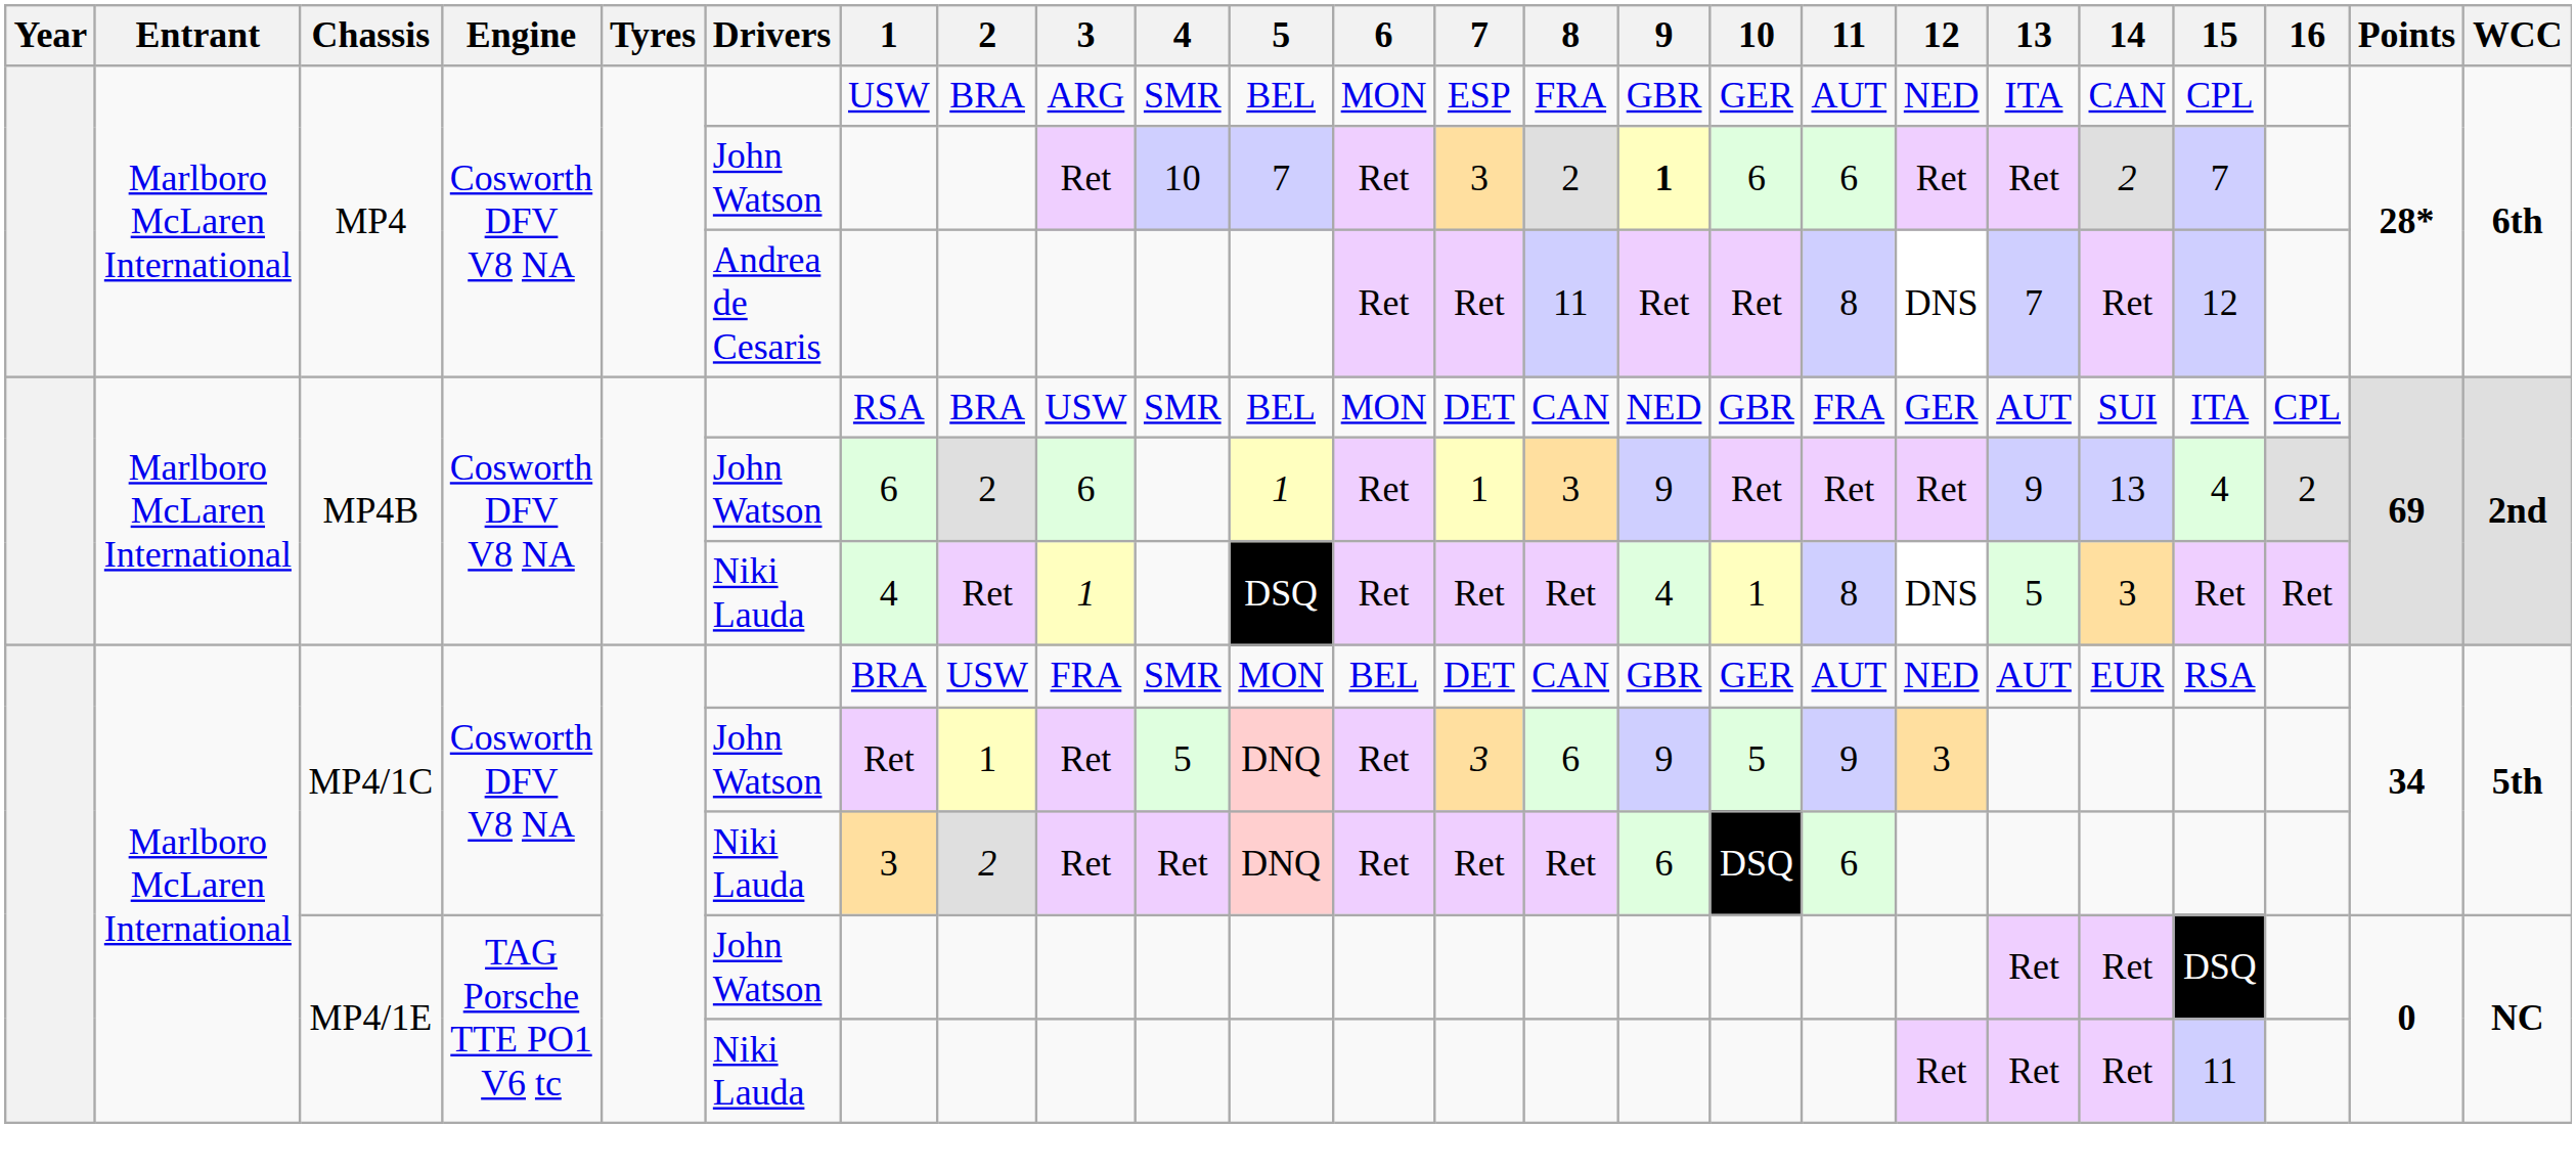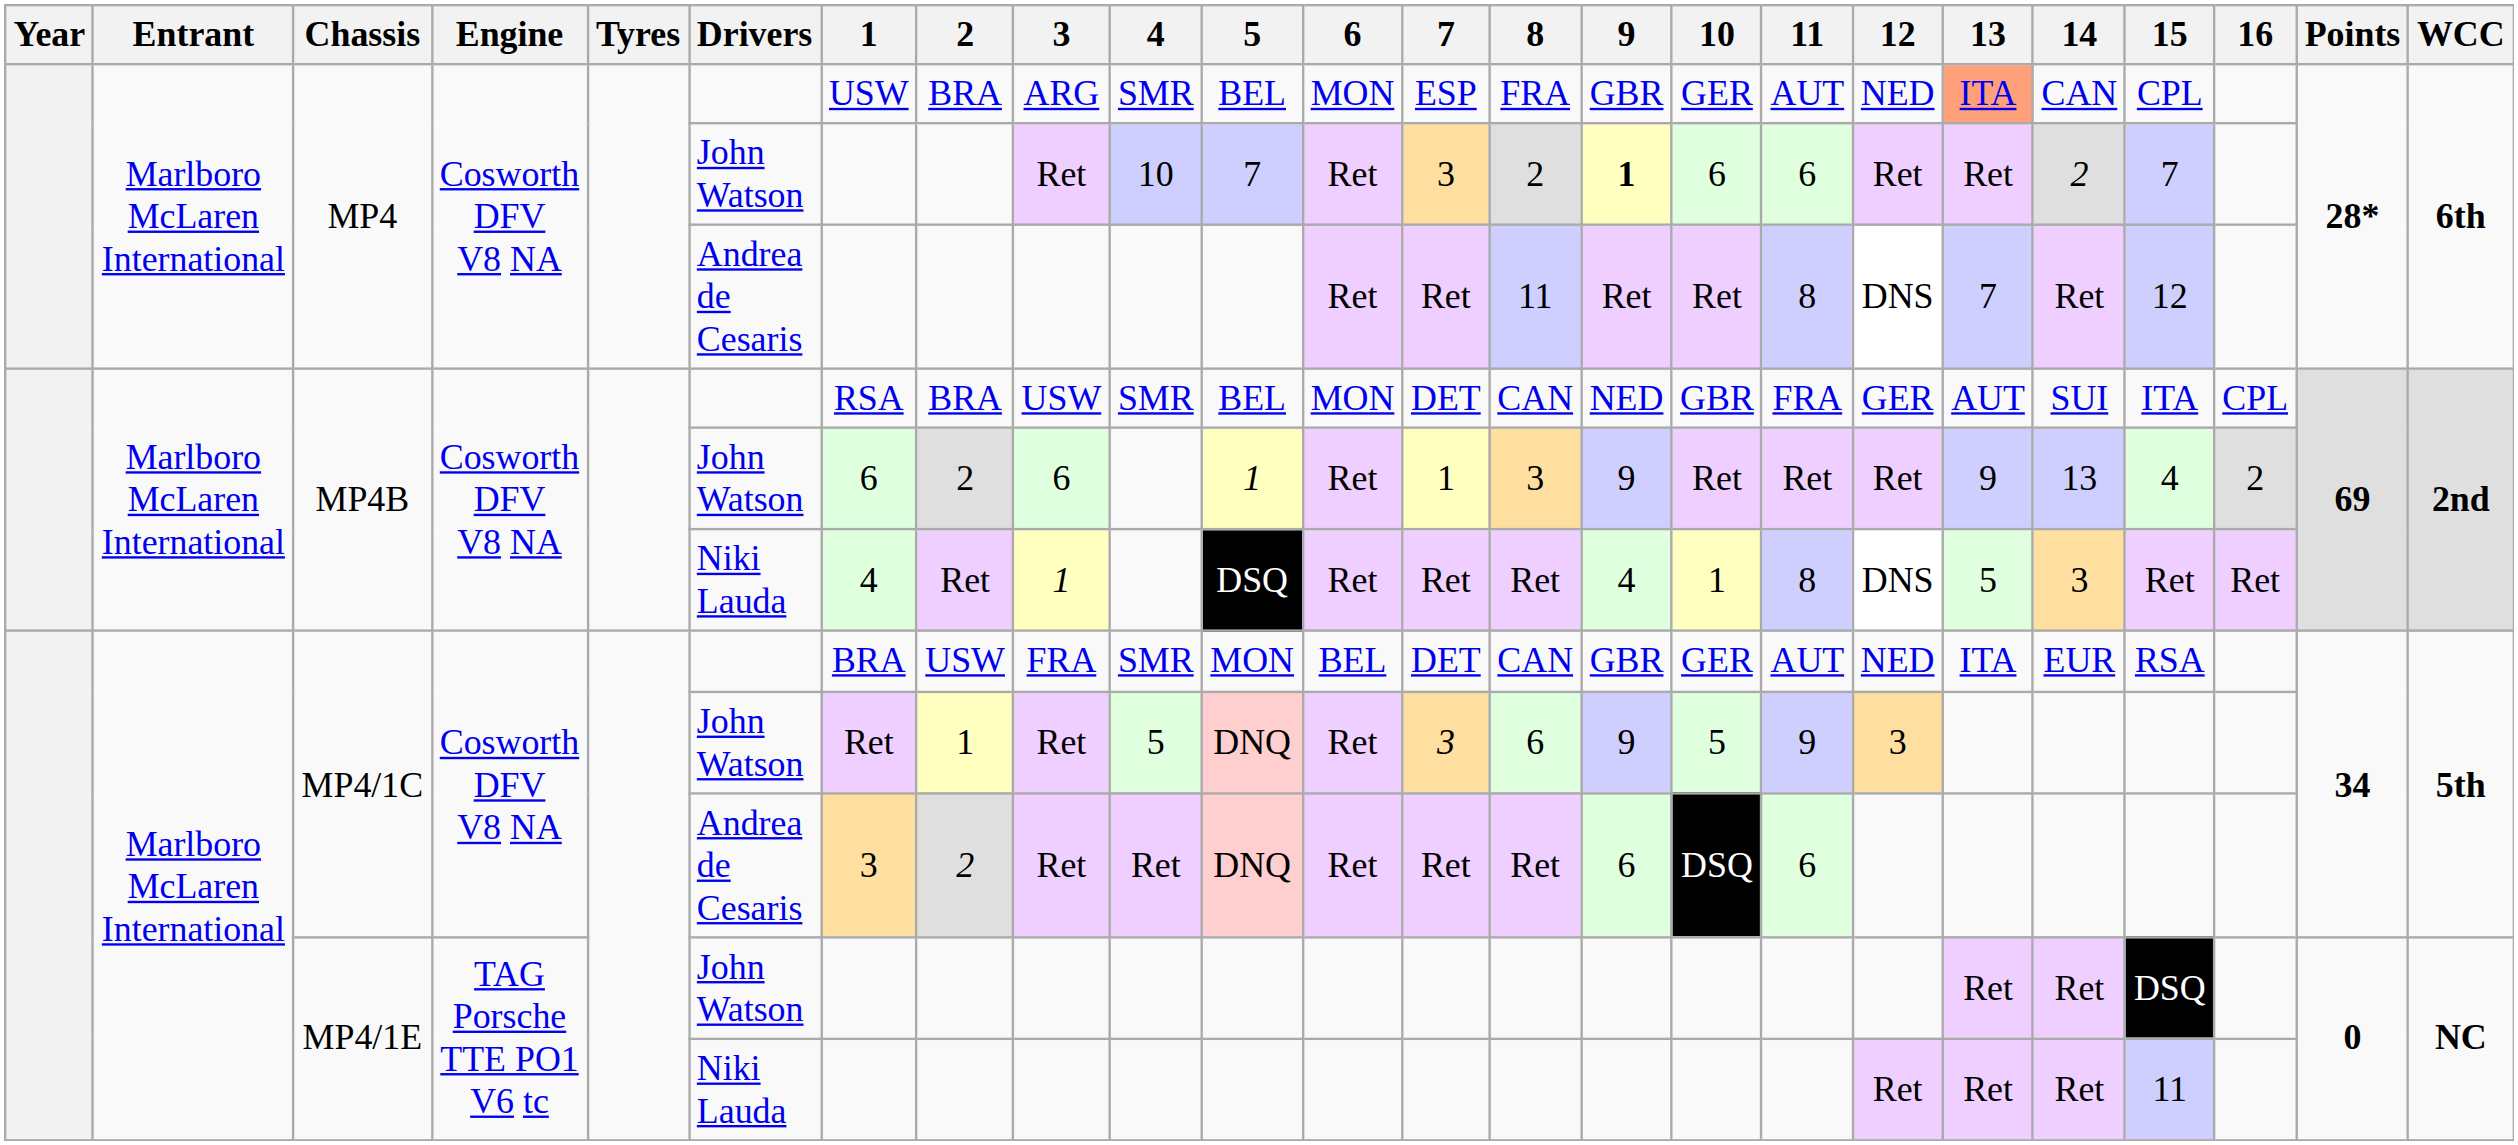 <table class="wikitable" style="text-align:center; font-size:95%">
 <tr>
 <th>Year</th>
 <th>Entrant</th>
 <th>Chassis</th>
 <th>Engine</th>
 <th>Tyres</th>
 <th>Drivers</th>
 <th>1</th>
 <th>2</th>
 <th>3</th>
 <th>4</th>
 <th>5</th>
 <th>6</th>
 <th>7</th>
 <th>8</th>
 <th>9</th>
 <th>10</th>
 <th>11</th>
 <th>12</th>
 <th>13</th>
 <th>14</th>
 <th>15</th>
 <th>16</th>
 <th>Points</th>
 <th>WCC</th>
 </tr>
 <tr>
 <th rowspan=3></th>
 <td rowspan=3><a href='#'>Marlboro McLaren International</a></td>
 <td rowspan=3>MP4</td>
 <td rowspan=3><a href='#'>Cosworth DFV</a><br><a href='#'>V8</a> <a href='#'>NA</a></td>
 <td rowspan=3></td>
 <td></td>
 <td><a href='#'>USW</a></td>
 <td><a href='#'>BRA</a></td>
 <td><a href='#'>ARG</a></td>
 <td><a href='#'>SMR</a></td>
 <td><a href='#'>BEL</a></td>
 <td><a href='#'>MON</a></td>
 <td><a href='#'>ESP</a></td>
 <td><a href='#'>FRA</a></td>
 <td><a href='#'>GBR</a></td>
 <td><a href='#'>GER</a></td>
 <td><a href='#'>AUT</a></td>
 <td><a href='#'>NED</a></td>
-<td><a href='#'>ITA</a></td>
+<td style="background: lightsalmon;"><a href='#'>ITA</a></td>
 <td><a href='#'>CAN</a></td>
 <td><a href='#'>CPL</a></td>
 <td></td>
 <td rowspan=3><strong>28*</strong></td>
 <td rowspan=3><strong>6th</strong></td>
 </tr>
 <tr>
 <td align="left"><a href='#'>John Watson</a></td>
 <td></td>
 <td></td>
 <td style="background:#efcfff;">Ret</td>
 <td style="background:#cfcfff;">10</td>
 <td style="background:#cfcfff;">7</td>
 <td style="background:#efcfff;">Ret</td>
 <td style="background:#ffdf9f;">3</td>
 <td style="background:#dfdfdf;">2</td>
 <td style="background:#ffffbf;"><strong>1</strong></td>
 <td style="background:#dfffdf;">6</td>
 <td style="background:#dfffdf;">6</td>
 <td style="background:#efcfff;">Ret</td>
 <td style="background:#efcfff;">Ret</td>
 <td style="background:#dfdfdf;"><em>2</em></td>
 <td style="background:#cfcfff;">7</td>
 <td></td>
 </tr>
 <tr>
 <td align="left"><a href='#'>Andrea de Cesaris</a></td>
 <td></td>
 <td></td>
 <td></td>
 <td></td>
 <td></td>
 <td style="background:#efcfff;">Ret</td>
 <td style="background:#efcfff;">Ret</td>
 <td style="background:#cfcfff;">11</td>
 <td style="background:#efcfff;">Ret</td>
 <td style="background:#efcfff;">Ret</td>
 <td style="background:#cfcfff;">8</td>
 <td style="background:#ffffff;">DNS</td>
 <td style="background:#cfcfff;">7</td>
 <td style="background:#efcfff;">Ret</td>
 <td style="background:#cfcfff;">12</td>
 <td></td>
 </tr>
 <tr>
 <th rowspan="3"></th>
 <td rowspan="3"><a href='#'>Marlboro McLaren International</a></td>
 <td rowspan="3">MP4B</td>
 <td rowspan="3"><a href='#'>Cosworth DFV</a><br><a href='#'>V8</a> <a href='#'>NA</a></td>
 <td rowspan="3"></td>
 <td></td>
 <td><a href='#'>RSA</a></td>
 <td><a href='#'>BRA</a></td>
 <td><a href='#'>USW</a></td>
 <td><a href='#'>SMR</a></td>
 <td><a href='#'>BEL</a></td>
 <td><a href='#'>MON</a></td>
 <td><a href='#'>DET</a></td>
 <td><a href='#'>CAN</a></td>
 <td><a href='#'>NED</a></td>
 <td><a href='#'>GBR</a></td>
 <td><a href='#'>FRA</a></td>
 <td><a href='#'>GER</a></td>
 <td><a href='#'>AUT</a></td>
 <td><a href='#'>SUI</a></td>
 <td><a href='#'>ITA</a></td>
 <td><a href='#'>CPL</a></td>
 <td rowspan="3" style="background:#dfdfdf;"><strong>69</strong></td>
 <td rowspan="3" style="background:#dfdfdf;"><strong>2nd</strong></td>
 </tr>
 <tr>
 <td align="left"><a href='#'>John Watson</a></td>
 <td style="background:#dfffdf;">6</td>
 <td style="background:#dfdfdf;">2</td>
 <td style="background:#dfffdf;">6</td>
 <td></td>
 <td style="background:#ffffbf;"><em>1</em></td>
 <td style="background:#efcfff;">Ret</td>
 <td style="background:#ffffbf;">1</td>
 <td style="background:#ffdf9f;">3</td>
 <td style="background:#cfcfff;">9</td>
 <td style="background:#efcfff;">Ret</td>
 <td style="background:#efcfff;">Ret</td>
 <td style="background:#efcfff;">Ret</td>
 <td style="background:#cfcfff;">9</td>
 <td style="background:#cfcfff;">13</td>
 <td style="background:#dfffdf;">4</td>
 <td style="background:#dfdfdf;">2</td>
 </tr>
 <tr>
 <td align="left"><a href='#'>Niki Lauda</a></td>
 <td style="background:#dfffdf;">4</td>
 <td style="background:#efcfff;">Ret</td>
 <td style="background:#ffffbf;"><em>1</em></td>
 <td></td>
 <td style="background:#000; color:white;">DSQ</td>
 <td style="background:#efcfff;">Ret</td>
 <td style="background:#efcfff;">Ret</td>
 <td style="background:#efcfff;">Ret</td>
 <td style="background:#dfffdf;">4</td>
 <td style="background:#ffffbf;">1</td>
 <td style="background:#cfcfff;">8</td>
 <td style="background:#fff;">DNS</td>
 <td style="background:#dfffdf;">5</td>
 <td style="background:#ffdf9f;">3</td>
 <td style="background:#efcfff;">Ret</td>
 <td style="background:#efcfff;">Ret</td>
 </tr>
 <tr>
 <th rowspan="5"></th>
 <td rowspan="5"><a href='#'>Marlboro McLaren International</a></td>
 <td rowspan="3">MP4/1C</td>
 <td rowspan="3"><a href='#'>Cosworth DFV</a><br><a href='#'>V8</a> <a href='#'>NA</a></td>
 <td rowspan="5"></td>
 <td></td>
 <td><a href='#'>BRA</a></td>
 <td><a href='#'>USW</a></td>
 <td><a href='#'>FRA</a></td>
 <td><a href='#'>SMR</a></td>
 <td><a href='#'>MON</a></td>
 <td><a href='#'>BEL</a></td>
 <td><a href='#'>DET</a></td>
 <td><a href='#'>CAN</a></td>
 <td><a href='#'>GBR</a></td>
 <td><a href='#'>GER</a></td>
 <td><a href='#'>AUT</a></td>
 <td><a href='#'>NED</a></td>
-<td><a href='#'>AUT</a></td>
+<td><a href='#'>ITA</a></td>
 <td><a href='#'>EUR</a></td>
 <td><a href='#'>RSA</a></td>
 <td></td>
 <td rowspan="3"><strong>34</strong></td>
 <td rowspan="3"><strong>5th</strong></td>
 </tr>
 <tr>
 <td align="left"><a href='#'>John Watson</a></td>
 <td style="background:#efcfff;">Ret</td>
 <td style="background:#ffffbf;">1</td>
 <td style="background:#efcfff;">Ret</td>
 <td style="background:#dfffdf;">5</td>
 <td style="background:#ffcfcf;">DNQ</td>
 <td style="background:#efcfff;">Ret</td>
 <td style="background:#ffdf9f;"><em>3</em></td>
 <td style="background:#dfffdf;">6</td>
 <td style="background:#cfcfff;">9</td>
 <td style="background:#dfffdf;">5</td>
 <td style="background:#cfcfff;">9</td>
 <td style="background:#ffdf9f;">3</td>
 <td></td>
 <td></td>
 <td></td>
 <td></td>
 </tr>
 <tr>
-<td align="left"><a href='#'>Niki Lauda</a></td>
+<td align="left"><a href='#'>Andrea de Cesaris</a></td>
 <td style="background:#ffdf9f;">3</td>
 <td style="background:#dfdfdf;"><em>2</em></td>
 <td style="background:#efcfff;">Ret</td>
 <td style="background:#efcfff;">Ret</td>
 <td style="background:#ffcfcf;">DNQ</td>
 <td style="background:#efcfff;">Ret</td>
 <td style="background:#efcfff;">Ret</td>
 <td style="background:#efcfff;">Ret</td>
 <td style="background:#dfffdf;">6</td>
 <td style="background:#000; color:white;">DSQ</td>
 <td style="background:#dfffdf;">6</td>
 <td></td>
 <td></td>
 <td></td>
 <td></td>
 <td></td>
 </tr>
 <tr>
 <td rowspan="2">MP4/1E</td>
 <td rowspan="2"><a href='#'>TAG Porsche</a> <a href='#'>TTE PO1</a><br><a href='#'>V6</a> <a href='#'>tc</a></td>
 <td align="left"><a href='#'>John Watson</a></td>
 <td></td>
 <td></td>
 <td></td>
 <td></td>
 <td></td>
 <td></td>
 <td></td>
 <td></td>
 <td></td>
 <td></td>
 <td></td>
 <td></td>
 <td style="background:#efcfff;">Ret</td>
 <td style="background:#efcfff;">Ret</td>
 <td style="background:#000; color:white;">DSQ</td>
 <td></td>
 <td rowspan="2"><strong>0</strong></td>
 <td rowspan="2"><strong>NC</strong></td>
 </tr>
 <tr>
 <td align="left"><a href='#'>Niki Lauda</a></td>
 <td></td>
 <td></td>
 <td></td>
 <td></td>
 <td></td>
 <td></td>
 <td></td>
 <td></td>
 <td></td>
 <td></td>
 <td></td>
 <td style="background:#efcfff;">Ret</td>
 <td style="background:#efcfff;">Ret</td>
 <td style="background:#efcfff;">Ret</td>
 <td style="background:#cfcfff;">11</td>
 <td></td>
 </tr>
 </table>
